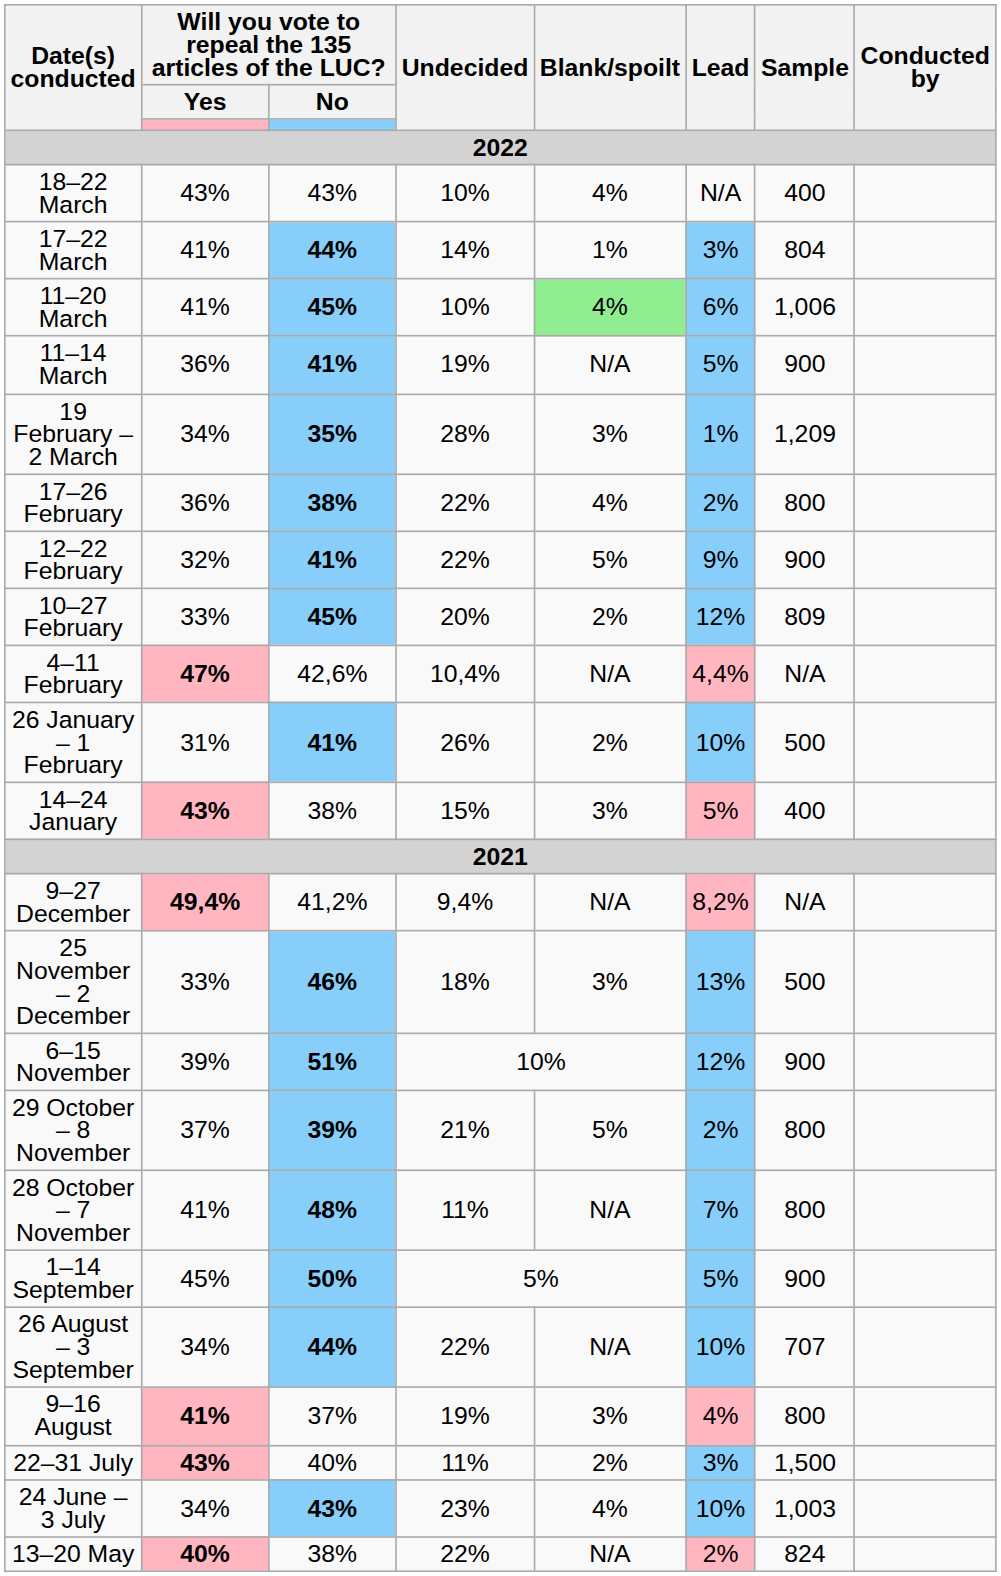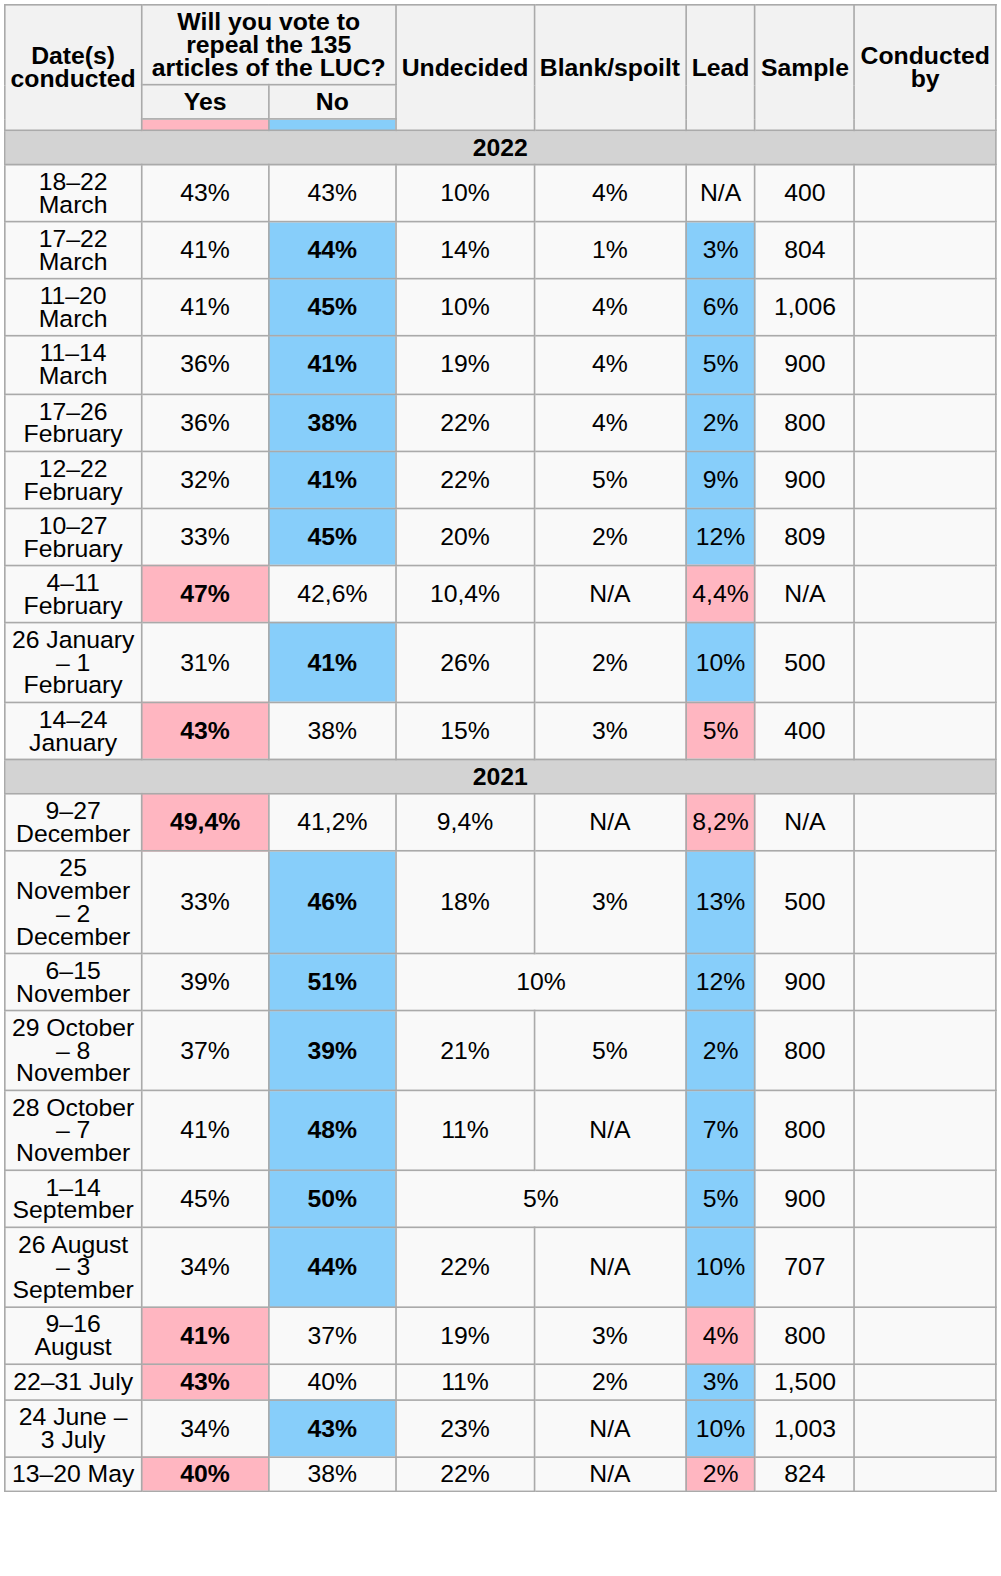 <table class="wikitable sortable" style="text-align:center;font-size:95%;line-height:14px">
 <tr>
 <th rowspan="3">Date(s) conducted</th>
 <th colspan="2">Will you vote to repeal the 135 articles of the LUC?</th>
 <th rowspan="3">Undecided</th>
 <th rowspan="3">Blank/spoilt</th>
 <th rowspan="3">Lead</th>
 <th rowspan="3">Sample</th>
 <th rowspan="3">Conducted by</th>
 </tr>
 <tr>
 <th>Yes</th>
 <th>No</th>
 </tr>
 <tr>
 <th data-sort-="" style="background:LightPink; color:white; width:100px;"></th>
 <th data-sort-="" style="background:LightSkyBlue; color:white; width:100px;"></th>
 </tr>
 <tr>
 <td colspan="8" bgcolor="LightGrey"><strong>2022</strong></td>
 </tr>
 <tr>
 <td>18–22 March</td>
 <td>43%</td>
 <td>43%</td>
 <td>10%</td>
 <td>4%</td>
 <td>N/A</td>
 <td>400</td>
 <td></td>
 </tr>
 <tr>
 <td>17–22 March</td>
 <td>41%</td>
 <td style="background: LightSkyBlue;"><strong>44%</strong></td>
 <td>14%</td>
 <td>1%</td>
 <td style="background: LightSkyBlue;">3%</td>
 <td>804</td>
 <td></td>
 </tr>
 <tr>
 <td>11–20 March</td>
 <td>41%</td>
 <td style="background: LightSkyBlue;"><strong>45%</strong></td>
 <td>10%</td>
-<td style="background: lightgreen;">4%</td>
+<td>4%</td>
 <td style="background: LightSkyBlue;">6%</td>
 <td>1,006</td>
 <td></td>
 </tr>
 <tr>
 <td data-sort-value="2016-06-22">11–14 March</td>
 <td>36%</td>
 <td style="background:LightSkyBlue;"><strong>41%</strong></td>
 <td>19%</td>
-<td>N/A</td>
+<td>4%</td>
 <td style="background:LightSkyBlue">5%</td>
 <td>900</td>
-<td></td>
-</tr>
-<tr>
-<td data-sort-value="2016-06-22">19 February – 2 March</td>
-<td>34%</td>
-<td style="background: LightSkyBlue;"><strong>35%</strong></td>
-<td>28%</td>
-<td>3%</td>
-<td style="background: LightSkyBlue">1%</td>
-<td>1,209</td>
 <td></td>
 </tr>
 <tr>
 <td data-sort-value="2016-06-22">17–26 February</td>
 <td>36%</td>
 <td style="background: LightSkyBlue;"><strong>38%</strong></td>
 <td>22%</td>
 <td>4%</td>
 <td style="background: LightSkyBlue">2%</td>
 <td>800</td>
 <td></td>
 </tr>
 <tr>
 <td data-sort-value="2016-06-23">12–22 February</td>
 <td>32%</td>
 <td style="background: LightSkyBlue;"><strong>41%</strong></td>
 <td>22%</td>
 <td>5%</td>
 <td style="background: LightSkyBlue;">9%</td>
 <td>900</td>
 <td></td>
 </tr>
 <tr>
 <td data-sort-value="2016-06-22">10–27 February</td>
 <td>33%</td>
 <td style="background: LightSkyBlue;"><strong>45%</strong></td>
 <td>20%</td>
 <td>2%</td>
 <td style="background: LightSkyBlue;">12%</td>
 <td>809</td>
 <td></td>
 </tr>
 <tr>
 <td>4–11 February</td>
 <td style="background: LightPink;"><strong>47%</strong></td>
 <td>42,6%</td>
 <td>10,4%</td>
 <td>N/A</td>
 <td style="background: LightPink">4,4%</td>
 <td>N/A</td>
 <td></td>
 </tr>
 <tr>
 <td data-sort-value="2016-06-22">26 January – 1 February</td>
 <td>31%</td>
 <td style="background: LightSkyBlue;"><strong>41%</strong></td>
 <td>26%</td>
 <td>2%</td>
 <td style="background: LightSkyBlue;">10%</td>
 <td>500</td>
 <td></td>
 </tr>
 <tr>
 <td data-sort-value="2016-06-21">14–24 January</td>
 <td style="background: LightPink;"><strong>43%</strong></td>
 <td>38%</td>
 <td>15%</td>
 <td>3%</td>
 <td style="background: LightPink;">5%</td>
 <td>400</td>
 <td></td>
 </tr>
 <tr>
 <td colspan="8" bgcolor="LightGrey"><strong>2021</strong></td>
 </tr>
 <tr>
 <td data-sort-value="2016-06-21">9–27 December</td>
 <td style="background: LightPink;"><strong>49,4%</strong></td>
 <td>41,2%</td>
 <td>9,4%</td>
 <td>N/A</td>
 <td style="background: LightPink;">8,2%</td>
 <td>N/A</td>
 <td></td>
 </tr>
 <tr>
 <td data-sort-value="2016-06-21">25 November – 2 December</td>
 <td>33%</td>
 <td style="background: LightSkyBlue;"><strong>46%</strong></td>
 <td>18%</td>
 <td>3%</td>
 <td style="background: LightSkyBlue;">13%</td>
 <td>500</td>
 <td></td>
 </tr>
 <tr>
 <td data-sort-value="2016-06-19">6–15 November</td>
 <td>39%</td>
 <td style="background: LightSkyBlue;"><strong>51%</strong></td>
 <td colspan="2">10%</td>
 <td style="background: LightSkyBlue;">12%</td>
 <td>900</td>
 <td></td>
 </tr>
 <tr>
 <td data-sort-value="2016-06-17">29 October – 8 November</td>
 <td>37%</td>
 <td style="background: LightSkyBlue;"><strong>39%</strong></td>
 <td>21%</td>
 <td>5%</td>
 <td style="background: LightSkyBlue;">2%</td>
 <td>800</td>
 <td></td>
 </tr>
 <tr>
 <td data-sort-value="2016-06-17">28 October – 7 November</td>
 <td>41%</td>
 <td style="background: LightSkyBlue;"><strong>48%</strong></td>
 <td>11%</td>
 <td>N/A</td>
 <td style="background: LightSkyBlue;">7%</td>
 <td>800</td>
 <td></td>
 </tr>
 <tr>
 <td>1–14 September</td>
 <td>45%</td>
 <td style="background: LightSkyBlue;"><strong>50%</strong></td>
 <td colspan="2">5%</td>
 <td style="background: LightSkyBlue;">5%</td>
 <td>900</td>
 <td></td>
 </tr>
 <tr>
 <td>26 August – 3 September</td>
 <td>34%</td>
 <td style="background: LightSkyBlue;"><strong>44%</strong></td>
 <td>22%</td>
 <td>N/A</td>
 <td style="background: LightSkyBlue;">10%</td>
 <td>707</td>
 <td></td>
 </tr>
 <tr>
 <td>9–16 August</td>
 <td style="background: LightPink;"><strong>41%</strong></td>
 <td>37%</td>
 <td>19%</td>
 <td>3%</td>
 <td style="background: LightPink;">4%</td>
 <td>800</td>
 <td></td>
 </tr>
 <tr>
 <td>22–31 July</td>
 <td style="background: LightPink;"><strong>43%</strong></td>
 <td>40%</td>
 <td>11%</td>
 <td>2%</td>
 <td style="background: LightSkyBlue;">3%</td>
 <td>1,500</td>
 <td></td>
 </tr>
 <tr>
 <td>24 June – 3 July</td>
 <td>34%</td>
 <td style="background: LightSkyBlue;"><strong>43%</strong></td>
 <td>23%</td>
-<td>4%</td>
+<td>N/A</td>
 <td style="background: LightSkyBlue;">10%</td>
 <td>1,003</td>
 <td></td>
 </tr>
 <tr>
 <td>13–20 May</td>
 <td style="background: LightPink;"><strong>40%</strong></td>
 <td>38%</td>
 <td>22%</td>
 <td>N/A</td>
 <td style="background: LightPink;">2%</td>
 <td>824</td>
 <td></td>
 </tr>
 </table>
